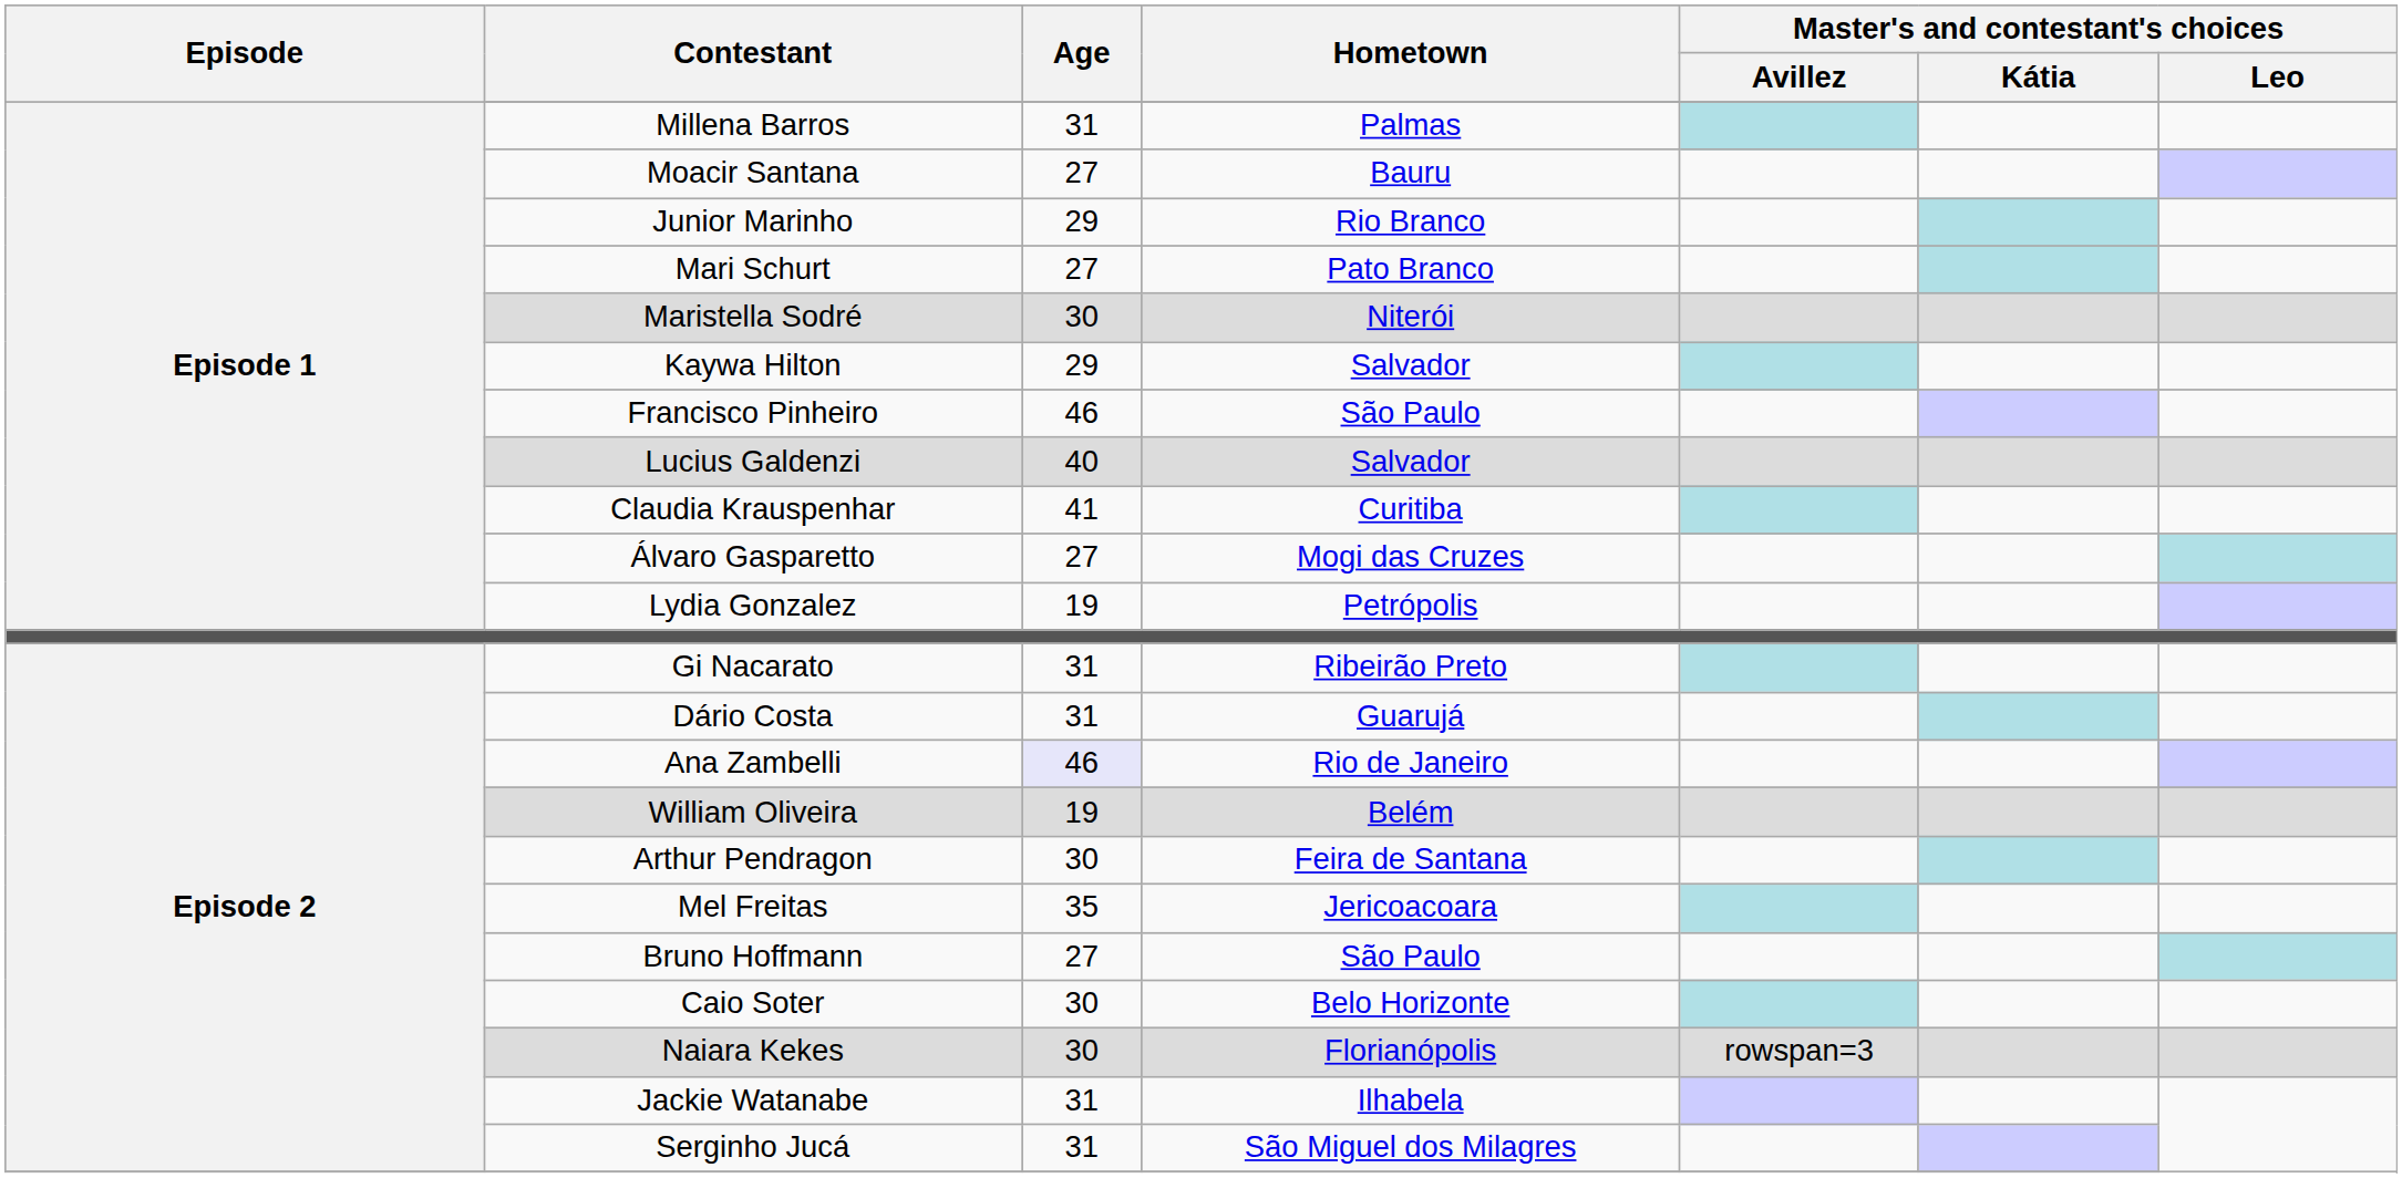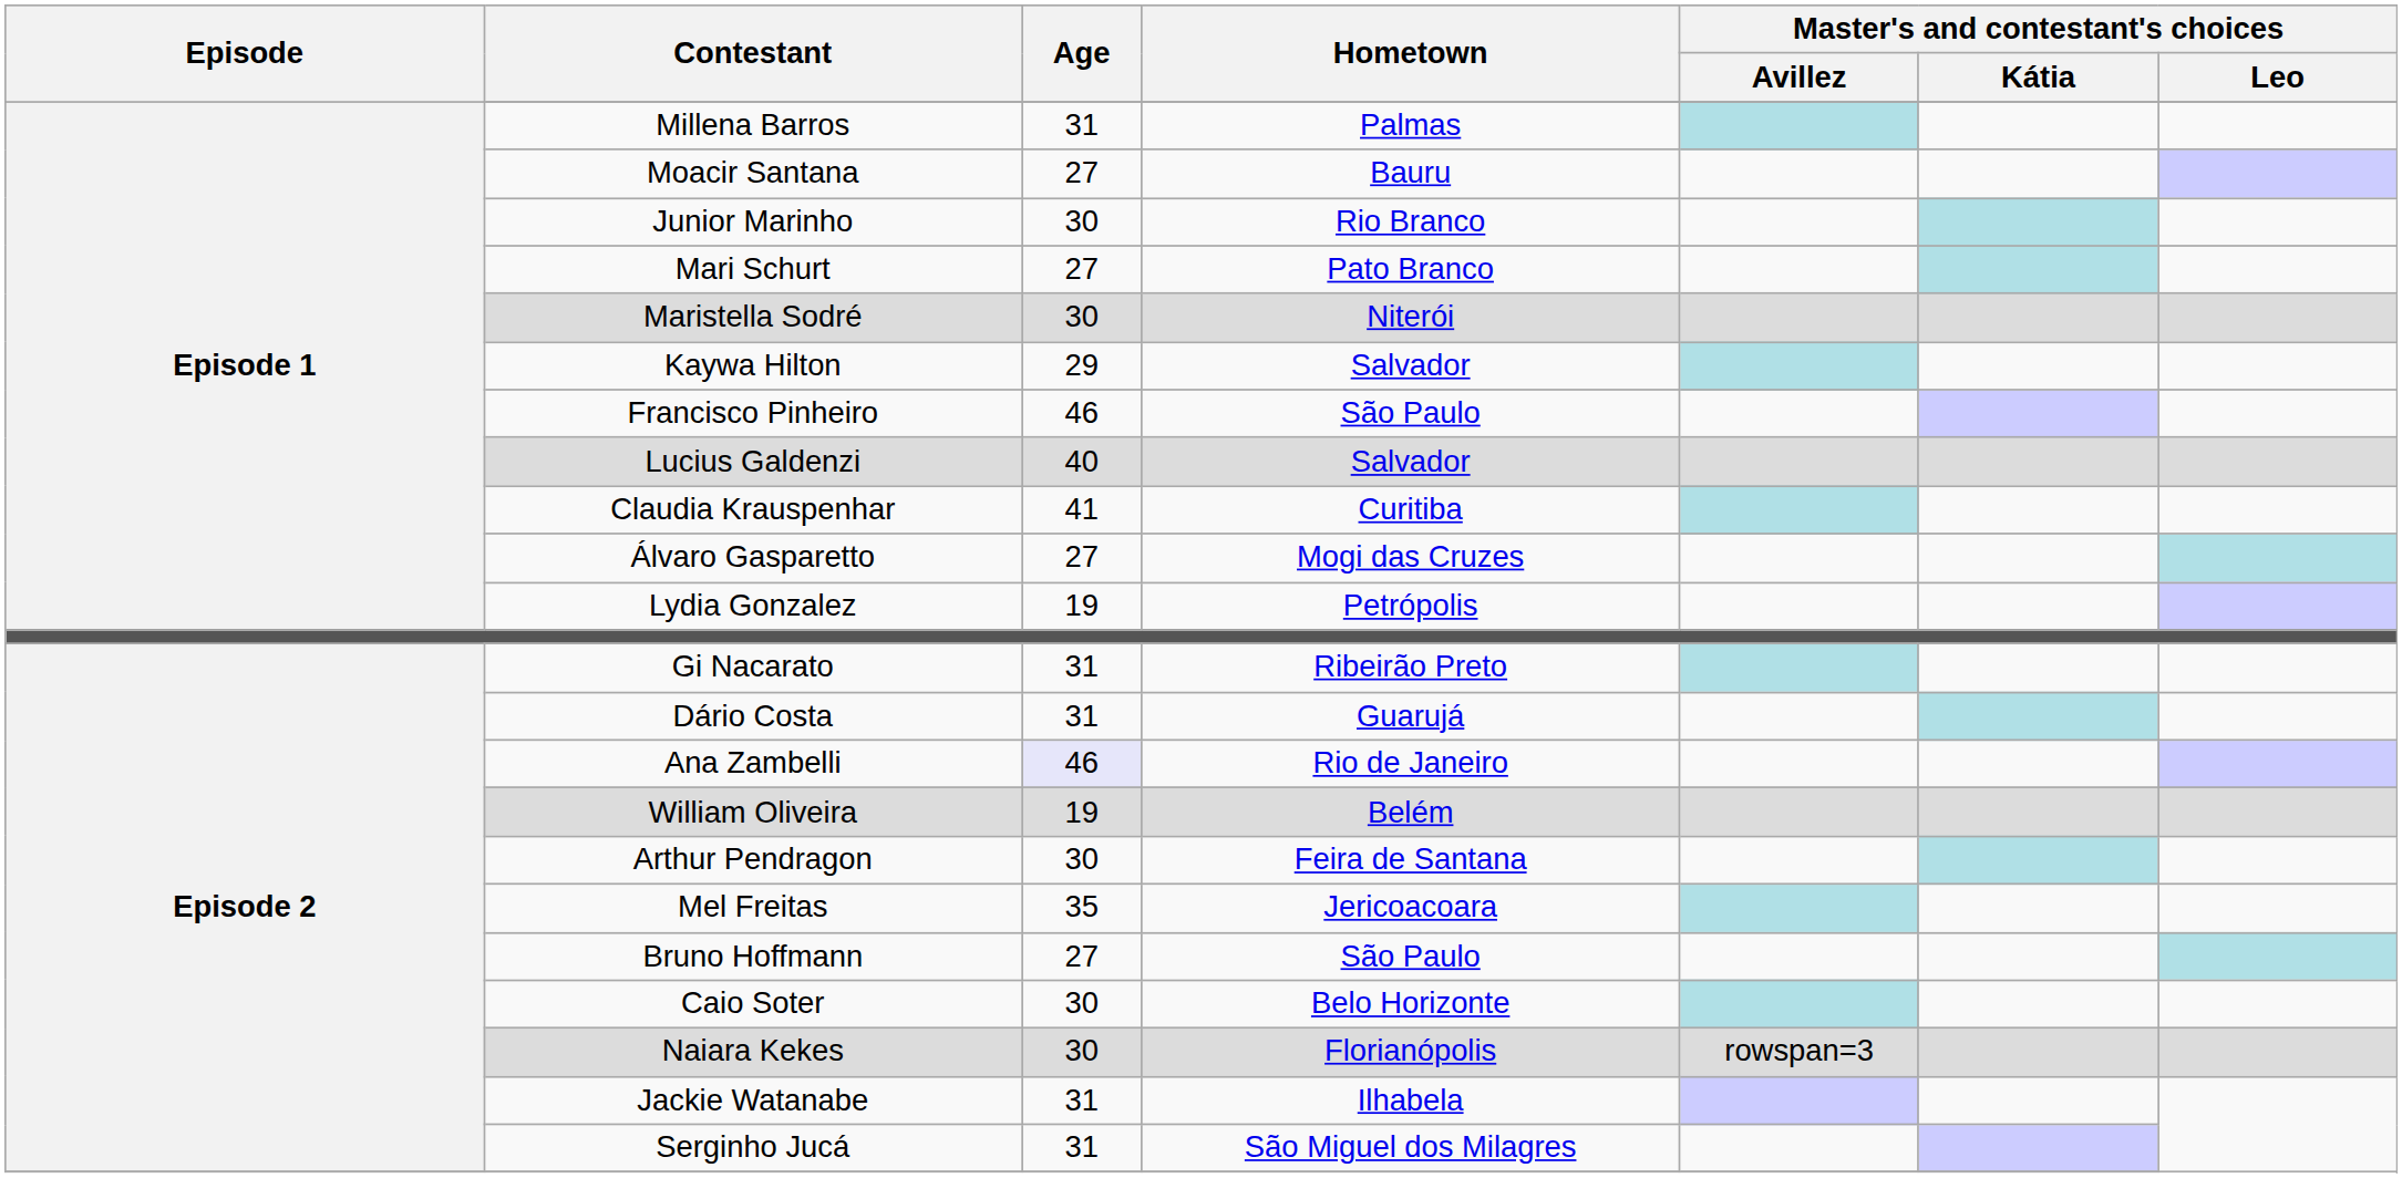 <table class="wikitable" style="text-align:center; width:100%;">
 <tr>
 <th scope="col" rowspan=2 width="20.0%">Episode</th>
 <th scope="col" rowspan=2 width="22.5%">Contestant</th>
 <th scope="col" rowspan=2 width="05.0%">Age</th>
 <th scope="col" rowspan=2 width="22.5%">Hometown</th>
 <th scope="col" colspan=3 width="30.0%">Master's and contestant's choices</th>
 </tr>
 <tr>
 <th width="10%">Avillez</th>
 <th width="10%">Kátia</th>
 <th width="10%">Leo</th>
 </tr>
 <tr>
 <th rowspan=12>Episode 1<br></th>
 </tr>
 <tr>
 <td>Millena Barros</td>
 <td>31</td>
 <td><a href='#'>Palmas</a></td>
 <td bgcolor=B0E0E6></td>
 <td></td>
 <td></td>
 </tr>
 <tr>
 <td>Moacir Santana</td>
 <td>27</td>
 <td><a href='#'>Bauru</a></td>
 <td></td>
 <td></td>
 <td bgcolor=CCCCFF></td>
 </tr>
 <tr>
 <td>Junior Marinho</td>
-<td>29</td>
+<td>30</td>
 <td><a href='#'>Rio Branco</a></td>
 <td></td>
 <td bgcolor=B0E0E6></td>
 <td></td>
 </tr>
 <tr>
 <td>Mari Schurt</td>
 <td>27</td>
 <td><a href='#'>Pato Branco</a></td>
 <td></td>
 <td bgcolor=B0E0E6></td>
 <td></td>
 </tr>
 <tr bgcolor=DCDCDC>
 <td>Maristella Sodré</td>
 <td>30</td>
 <td><a href='#'>Niterói</a></td>
 <td></td>
 <td></td>
 <td></td>
 </tr>
 <tr>
 <td>Kaywa Hilton</td>
 <td>29</td>
 <td><a href='#'>Salvador</a></td>
 <td bgcolor=B0E0E6></td>
 <td></td>
 <td></td>
 </tr>
 <tr>
 <td>Francisco Pinheiro</td>
 <td>46</td>
 <td><a href='#'>São Paulo</a></td>
 <td></td>
 <td bgcolor=CCCCFF></td>
 <td></td>
 </tr>
 <tr bgcolor=DCDCDC>
 <td>Lucius Galdenzi</td>
 <td>40</td>
 <td><a href='#'>Salvador</a></td>
 <td></td>
 <td></td>
 <td></td>
 </tr>
 <tr>
 <td>Claudia Krauspenhar</td>
 <td>41</td>
 <td><a href='#'>Curitiba</a></td>
 <td bgcolor=B0E0E6></td>
 <td></td>
 <td></td>
 </tr>
 <tr>
 <td>Álvaro Gasparetto</td>
 <td>27</td>
 <td><a href='#'>Mogi das Cruzes</a></td>
 <td></td>
 <td></td>
 <td bgcolor=B0E0E6></td>
 </tr>
 <tr>
 <td>Lydia Gonzalez</td>
 <td>19</td>
 <td><a href='#'>Petrópolis</a></td>
 <td></td>
 <td></td>
 <td bgcolor=CCCCFF></td>
 </tr>
 <tr>
 <td colspan=7 bgcolor=555555></td>
 </tr>
 <tr>
 <th rowspan=12>Episode 2<br></th>
 </tr>
 <tr>
 <td>Gi Nacarato</td>
 <td>31</td>
 <td><a href='#'>Ribeirão Preto</a></td>
 <td bgcolor=B0E0E6></td>
 <td></td>
 <td></td>
 </tr>
 <tr>
 <td>Dário Costa</td>
 <td>31</td>
 <td><a href='#'>Guarujá</a></td>
 <td></td>
 <td bgcolor=B0E0E6></td>
 <td></td>
 </tr>
 <tr>
 <td>Ana Zambelli</td>
 <td style="background: lavender;">46</td>
 <td><a href='#'>Rio de Janeiro</a></td>
 <td></td>
 <td></td>
 <td bgcolor=CCCCFF></td>
 </tr>
 <tr bgcolor=DCDCDC>
 <td>William Oliveira</td>
 <td>19</td>
 <td><a href='#'>Belém</a></td>
 <td></td>
 <td></td>
 <td></td>
 </tr>
 <tr>
 <td>Arthur Pendragon</td>
 <td>30</td>
 <td><a href='#'>Feira de Santana</a></td>
 <td></td>
 <td bgcolor=B0E0E6></td>
 <td></td>
 </tr>
 <tr>
 <td>Mel Freitas</td>
 <td>35</td>
 <td><a href='#'>Jericoacoara</a></td>
 <td bgcolor=B0E0E6></td>
 <td></td>
 <td></td>
 </tr>
 <tr>
 <td>Bruno Hoffmann</td>
 <td>27</td>
 <td><a href='#'>São Paulo</a></td>
 <td></td>
 <td></td>
 <td bgcolor=B0E0E6></td>
 </tr>
 <tr>
 <td>Caio Soter</td>
 <td>30</td>
 <td><a href='#'>Belo Horizonte</a></td>
 <td bgcolor=B0E0E6></td>
 <td></td>
 <td></td>
 </tr>
 <tr bgcolor=DCDCDC>
 <td>Naiara Kekes</td>
 <td>30</td>
 <td><a href='#'>Florianópolis</a></td>
 <td>rowspan=3 </td>
 <td></td>
 <td></td>
 </tr>
 <tr>
 <td>Jackie Watanabe</td>
 <td>31</td>
 <td><a href='#'>Ilhabela</a></td>
 <td bgcolor=CCCCFF></td>
 <td></td>
 </tr>
 <tr>
 <td>Serginho Jucá</td>
 <td>31</td>
 <td><a href='#'>São Miguel dos Milagres</a></td>
 <td></td>
 <td bgcolor=CCCCFF></td>
 </tr>
 <tr>
 </tr>
 </table>
